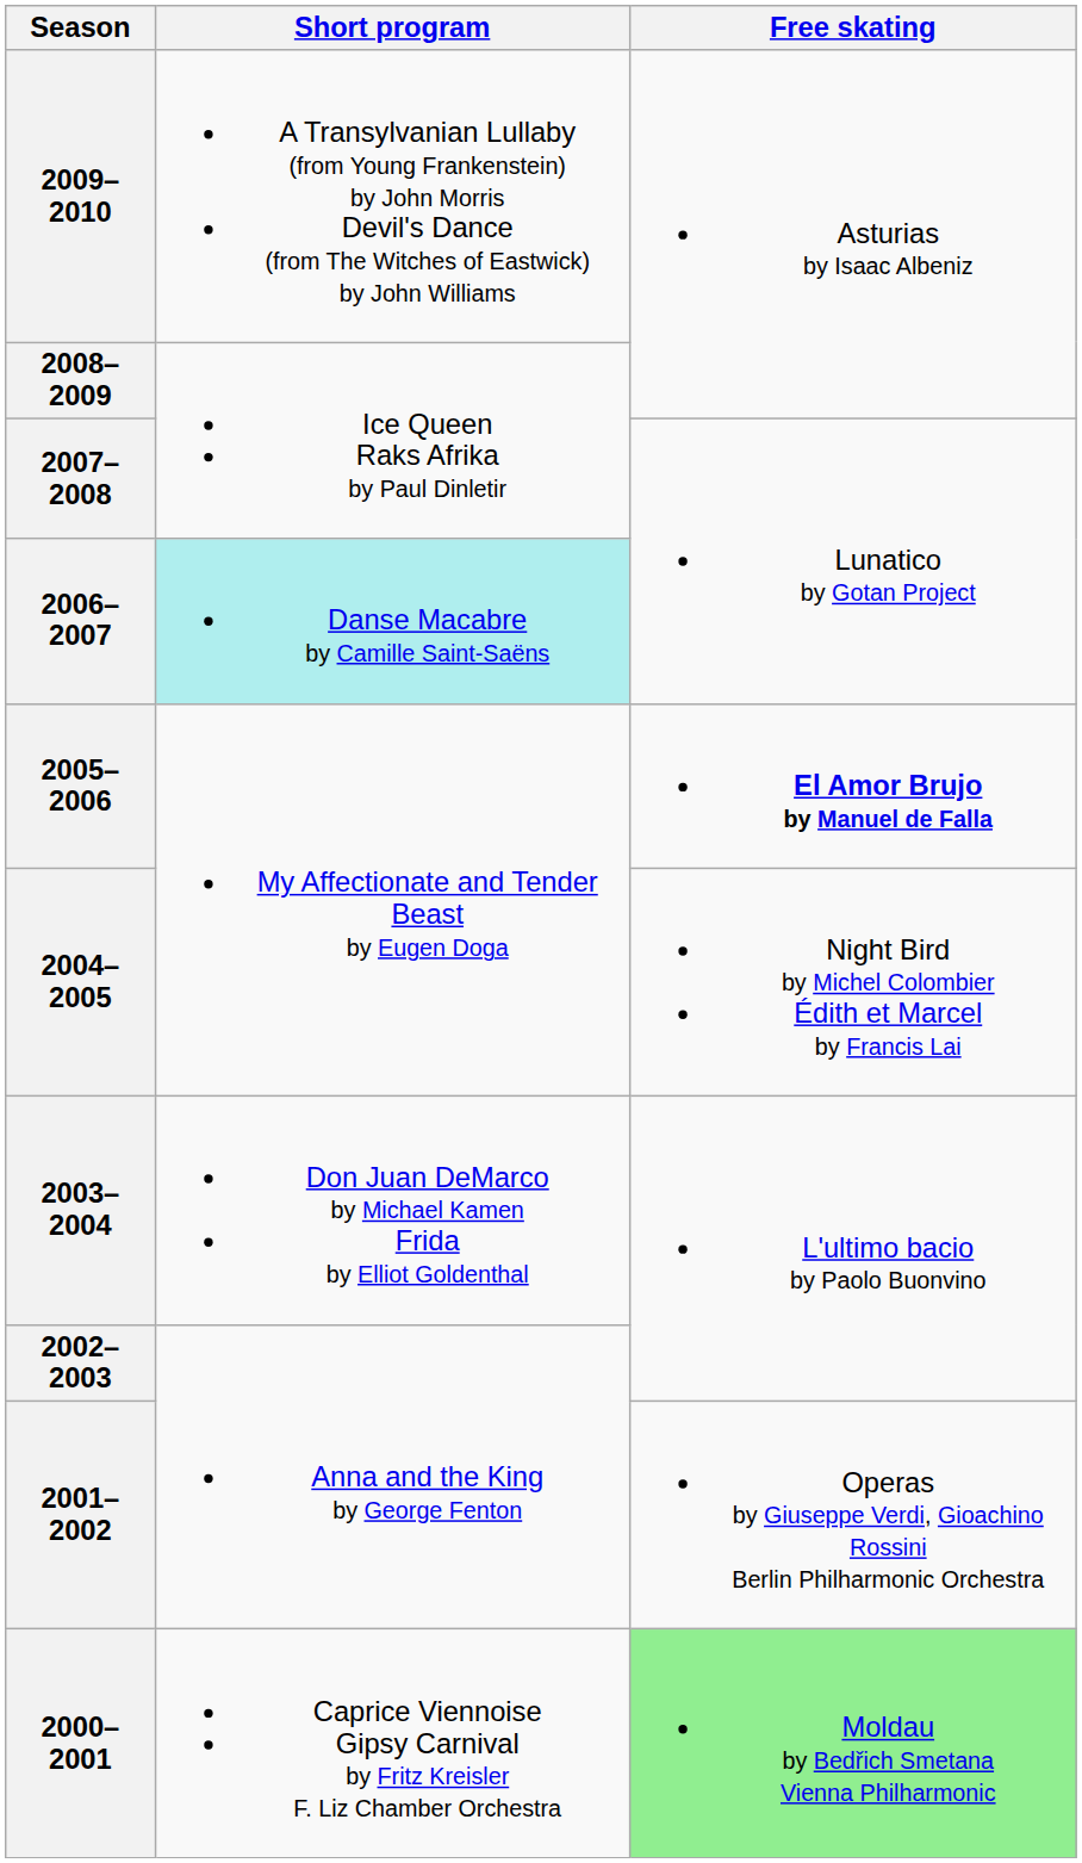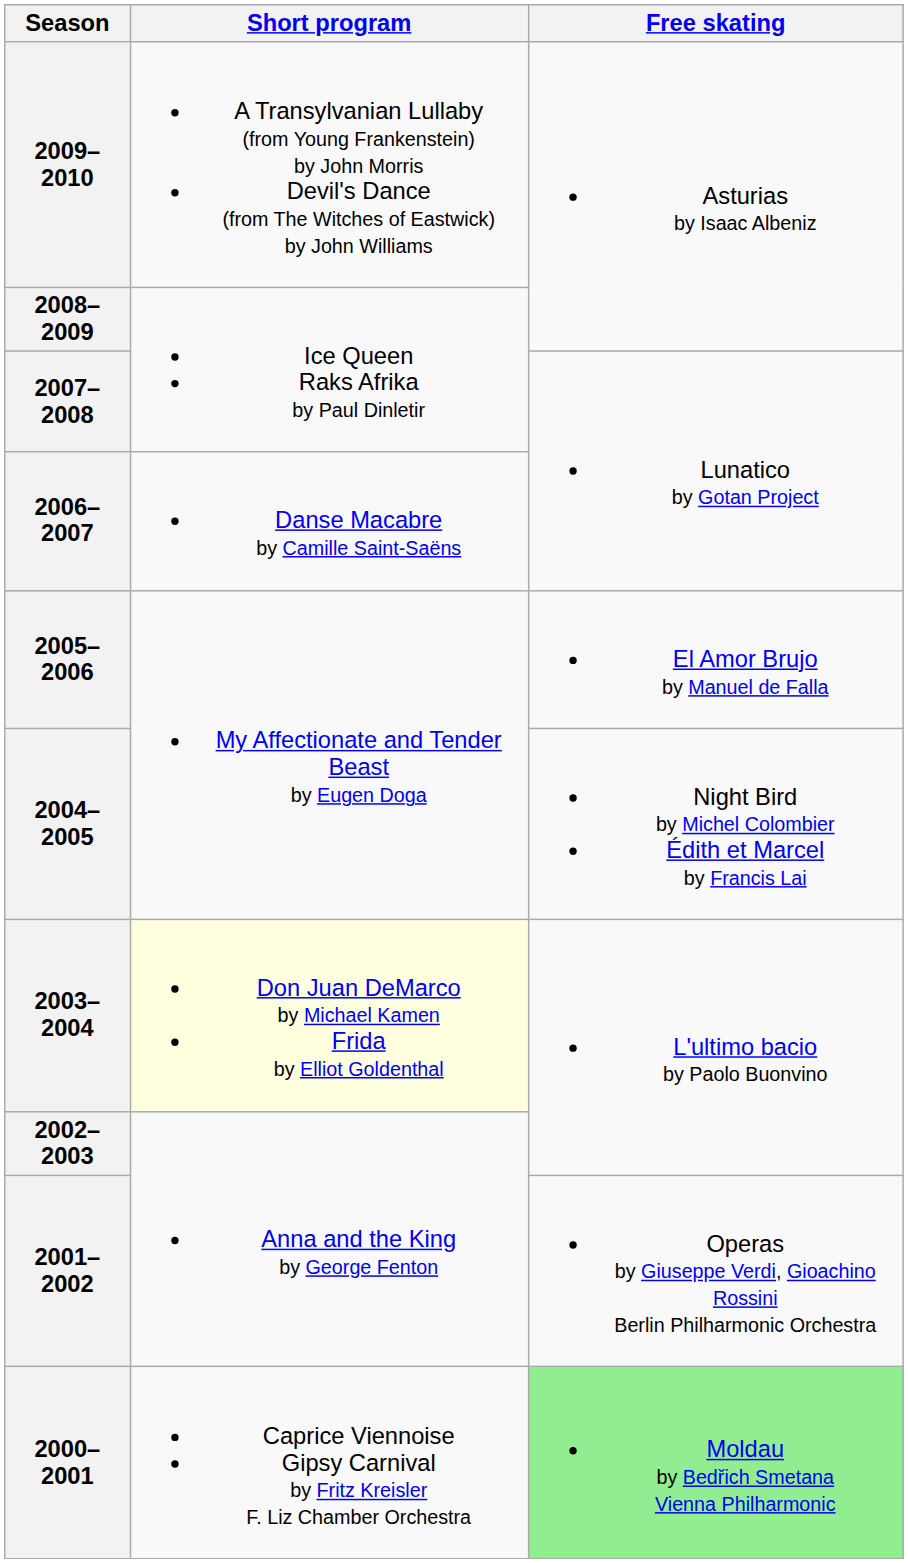 <table class="wikitable" style="text-align:center">
 <tr>
 <th>Season</th>
 <th><a href='#'>Short program</a></th>
 <th><a href='#'>Free skating</a></th>
 </tr>
 <tr>
 <th>2009–2010 <br> </th>
 <td><br><ul><li>A Transylvanian Lullaby <br><small> (from Young Frankenstein) <br> by John Morris </small></li><li>Devil's Dance <br><small> (from The Witches of Eastwick) <br> by John Williams </small></li></ul></td>
 <td rowspan=2><br><ul><li>Asturias <br><small> by Isaac Albeniz </small></li></ul></td>
 </tr>
 <tr>
 <th>2008–2009 <br> </th>
 <td rowspan=2><br><ul><li>Ice Queen</li><li>Raks Afrika <br><small> by Paul Dinletir </small></li></ul></td>
 </tr>
 <tr>
 <th>2007–2008 <br> </th>
 <td rowspan=2><br><ul><li>Lunatico <br><small> by <a href='#'>Gotan Project</a> </small></li></ul></td>
 </tr>
 <tr>
 <th>2006–2007 <br> </th>
-<td style="background: paleturquoise;"><br><ul><li><a href='#'>Danse Macabre</a> <br><small> by <a href='#'>Camille Saint-Saëns</a> </small></li></ul></td>
+<td><br><ul><li><a href='#'>Danse Macabre</a> <br><small> by <a href='#'>Camille Saint-Saëns</a> </small></li></ul></td>
 </tr>
 <tr>
 <th>2005–2006 <br> </th>
 <td rowspan=2><br><ul><li><a href='#'>My Affectionate and Tender Beast</a> <br><small> by <a href='#'>Eugen Doga</a> </small></li></ul></td>
-<td><strong><br><ul><li><a href='#'>El Amor Brujo</a> <br><small> by <a href='#'>Manuel de Falla</a> </small></li></ul></strong></td>
+<td><br><ul><li><a href='#'>El Amor Brujo</a> <br><small> by <a href='#'>Manuel de Falla</a> </small></li></ul></td>
 </tr>
 <tr>
 <th>2004–2005 <br> </th>
 <td><br><ul><li>Night Bird <br><small> by <a href='#'>Michel Colombier</a> </small></li><li><a href='#'>Édith et Marcel</a> <br><small> by <a href='#'>Francis Lai</a> </small></li></ul></td>
 </tr>
 <tr>
 <th>2003–2004 <br> </th>
-<td><br><ul><li><a href='#'>Don Juan DeMarco</a> <br><small> by <a href='#'>Michael Kamen</a> </small></li><li><a href='#'>Frida</a> <br><small> by <a href='#'>Elliot Goldenthal</a> </small></li></ul></td>
+<td style="background: lightyellow;"><br><ul><li><a href='#'>Don Juan DeMarco</a> <br><small> by <a href='#'>Michael Kamen</a> </small></li><li><a href='#'>Frida</a> <br><small> by <a href='#'>Elliot Goldenthal</a> </small></li></ul></td>
 <td rowspan=2><br><ul><li><a href='#'>L'ultimo bacio</a> <br><small> by Paolo Buonvino </small></li></ul></td>
 </tr>
 <tr>
 <th>2002–2003 <br> </th>
 <td rowspan=2><br><ul><li><a href='#'>Anna and the King</a> <br><small> by <a href='#'>George Fenton</a> </small></li></ul></td>
 </tr>
 <tr>
 <th>2001–2002 <br> </th>
 <td><br><ul><li>Operas <br><small> by <a href='#'>Giuseppe Verdi</a>, <a href='#'>Gioachino Rossini</a> <br> Berlin Philharmonic Orchestra </small></li></ul></td>
 </tr>
 <tr>
 <th>2000–2001 <br> </th>
 <td><br><ul><li>Caprice Viennoise</li><li>Gipsy Carnival <br><small> by <a href='#'>Fritz Kreisler</a> <br> F. Liz Chamber Orchestra </small></li></ul></td>
 <td style="background: lightgreen;"><br><ul><li><a href='#'>Moldau</a> <br><small> by <a href='#'>Bedřich Smetana</a> <br> <a href='#'>Vienna Philharmonic</a> </small></li></ul></td>
 </tr>
 </table>
